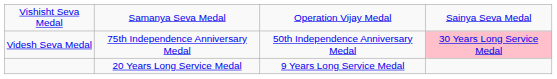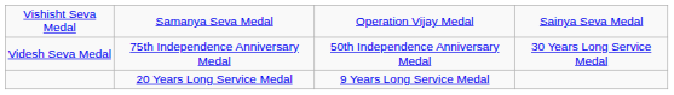 <table class="wikitable" style="margin:1em auto; text-align:center;">
 <tr>
 <td><a href='#'>Vishisht Seva Medal</a></td>
 <td><a href='#'>Samanya Seva Medal</a></td>
 <td><a href='#'>Operation Vijay Medal</a></td>
 <td><a href='#'>Sainya Seva Medal</a></td>
 </tr>
 <tr>
 <td><a href='#'>Videsh Seva Medal</a></td>
 <td><a href='#'>75th Independence Anniversary Medal</a></td>
 <td><a href='#'>50th Independence Anniversary Medal</a></td>
-<td style="background: pink;"><a href='#'>30 Years Long Service Medal</a></td>
+<td><a href='#'>30 Years Long Service Medal</a></td>
 </tr>
 <tr>
 <td></td>
 <td><a href='#'>20 Years Long Service Medal</a></td>
 <td><a href='#'>9 Years Long Service Medal</a></td>
 <td></td>
 </tr>
 </table>
